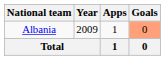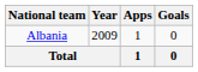 <table class=wikitable style="text-align: center;">
 <tr>
 <th>National team</th>
 <th>Year</th>
 <th>Apps</th>
 <th>Goals</th>
 </tr>
 <tr>
 <td><a href='#'>Albania</a></td>
 <td>2009</td>
 <td>1</td>
-<td style="background: lightsalmon;">0</td>
+<td>0</td>
 </tr>
 <tr>
 <th colspan="2">Total</th>
 <th>1</th>
 <th>0</th>
 </tr>
 </table>
